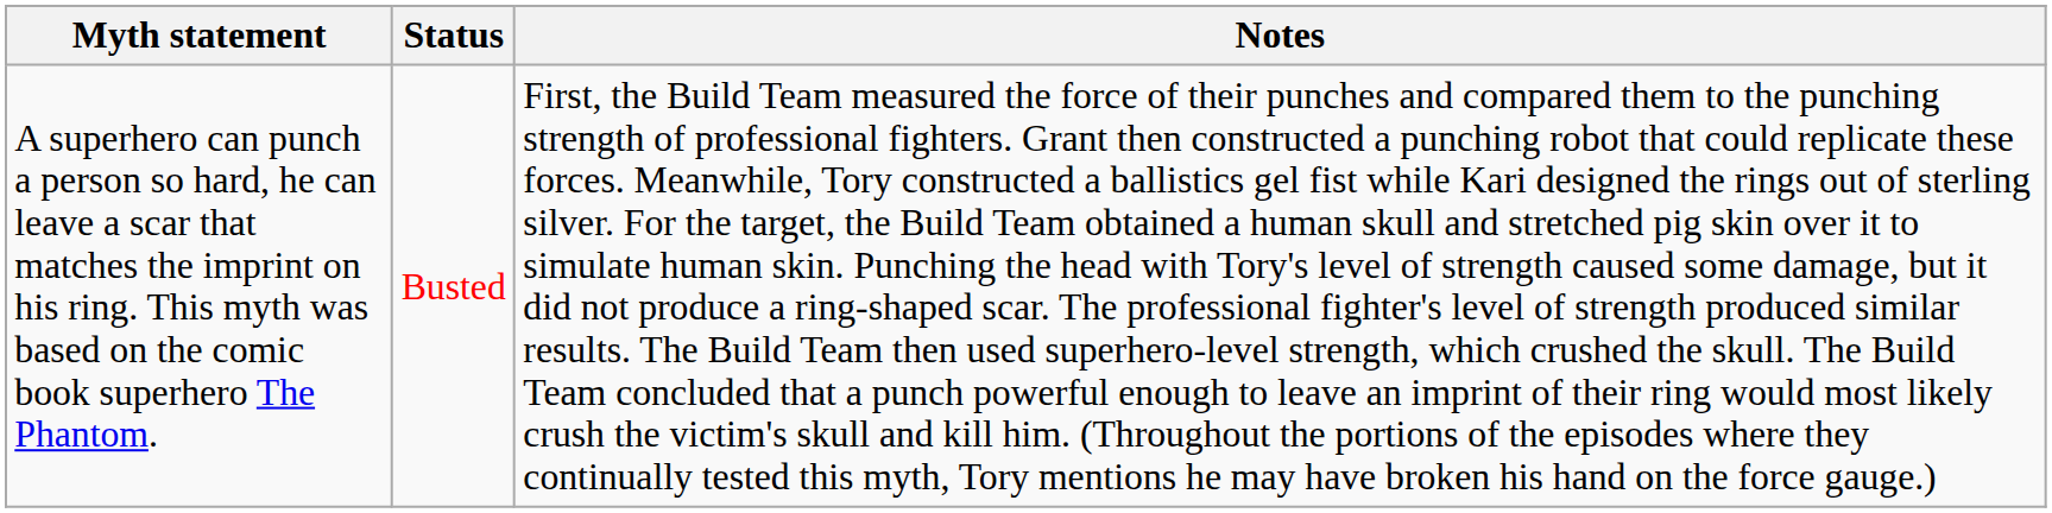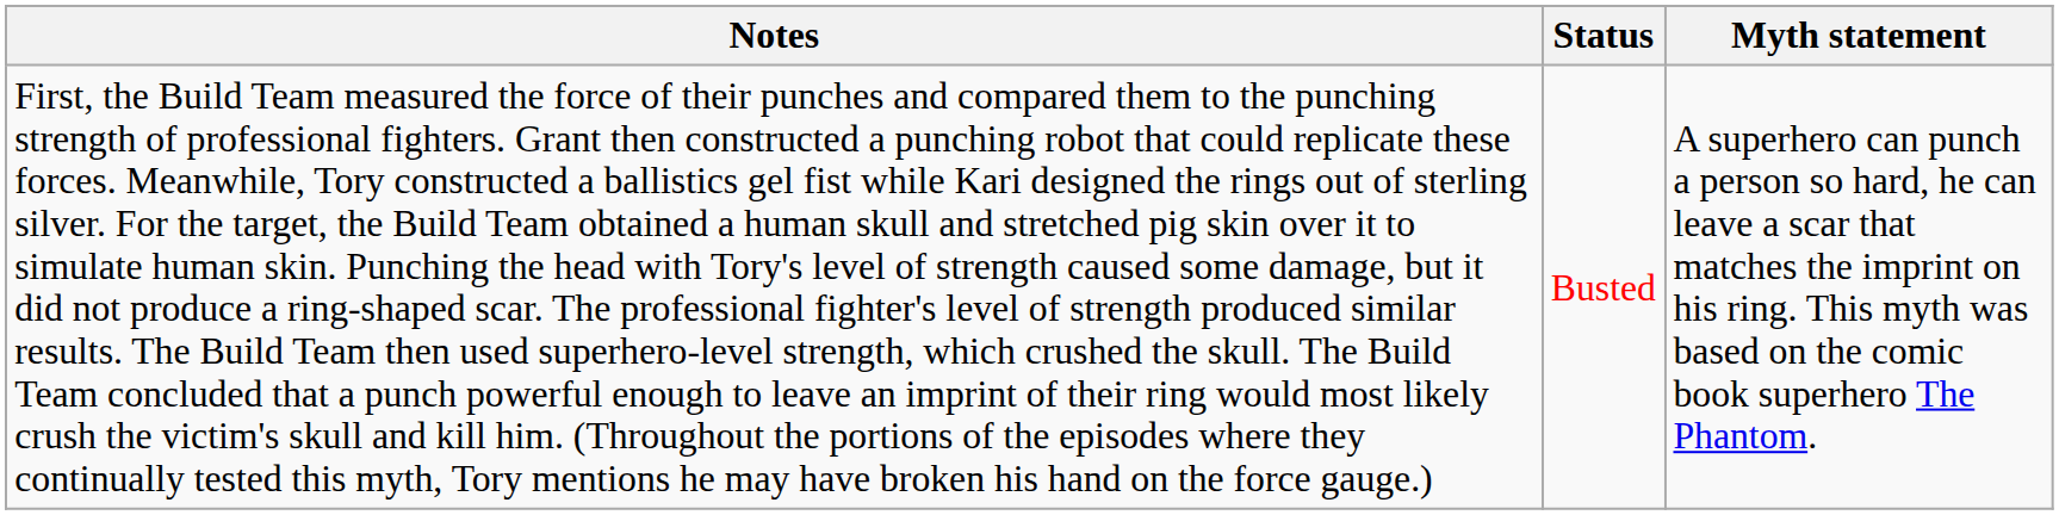 <table class="wikitable plainrowheaders">
 <tr>
+<th>Notes</th>
+<th>Status</th>
 <th>Myth statement</th>
-<th>Status</th>
-<th>Notes</th>
 </tr>
 <tr>
+<td>First, the Build Team measured the force of their punches and compared them to the punching strength of professional fighters. Grant then constructed a punching robot that could replicate these forces. Meanwhile, Tory constructed a ballistics gel fist while Kari designed the rings out of sterling silver. For the target, the Build Team obtained a human skull and stretched pig skin over it to simulate human skin. Punching the head with Tory's level of strength caused some damage, but it did not produce a ring-shaped scar. The professional fighter's level of strength produced similar results. The Build Team then used superhero-level strength, which crushed the skull. The Build Team concluded that a punch powerful enough to leave an imprint of their ring would most likely crush the victim's skull and kill him. (Throughout the portions of the episodes where they continually tested this myth, Tory mentions he may have broken his hand on the force gauge.)</td>
+<td style="color:Red">Busted</td>
 <td>A superhero can punch a person so hard, he can leave a scar that matches the imprint on his ring. This myth was based on the comic book superhero <a href='#'>The Phantom</a>.</td>
-<td style="color:Red">Busted</td>
-<td>First, the Build Team measured the force of their punches and compared them to the punching strength of professional fighters. Grant then constructed a punching robot that could replicate these forces. Meanwhile, Tory constructed a ballistics gel fist while Kari designed the rings out of sterling silver. For the target, the Build Team obtained a human skull and stretched pig skin over it to simulate human skin. Punching the head with Tory's level of strength caused some damage, but it did not produce a ring-shaped scar. The professional fighter's level of strength produced similar results. The Build Team then used superhero-level strength, which crushed the skull. The Build Team concluded that a punch powerful enough to leave an imprint of their ring would most likely crush the victim's skull and kill him. (Throughout the portions of the episodes where they continually tested this myth, Tory mentions he may have broken his hand on the force gauge.)</td>
 </tr>
 </table>
